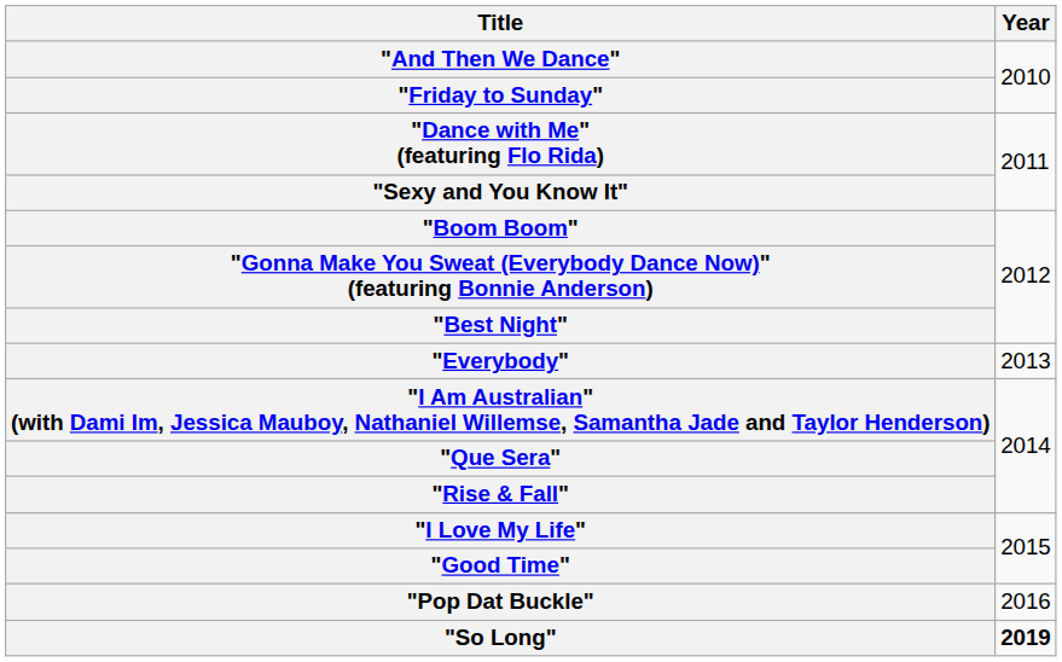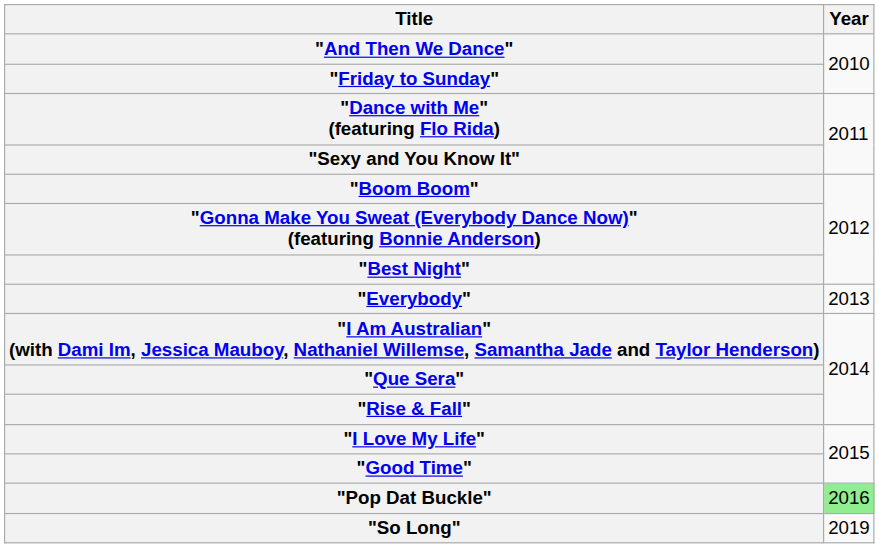 <table class="wikitable">
 <tr>
 <th>Title</th>
 <th>Year</th>
 </tr>
 <tr>
 <th>"<a href='#'>And Then We Dance</a>"</th>
 <td rowspan="2">2010</td>
 </tr>
 <tr>
 <th>"<a href='#'>Friday to Sunday</a>"</th>
 </tr>
 <tr>
 <th>"<a href='#'>Dance with Me</a>"<br>(featuring <a href='#'>Flo Rida</a>)</th>
 <td rowspan="2">2011</td>
 </tr>
 <tr>
 <th>"Sexy and You Know It"</th>
 </tr>
 <tr>
 <th>"<a href='#'>Boom Boom</a>"</th>
 <td rowspan="3">2012</td>
 </tr>
 <tr>
 <th>"<a href='#'>Gonna Make You Sweat (Everybody Dance Now)</a>"<br>(featuring <a href='#'>Bonnie Anderson</a>)</th>
 </tr>
 <tr>
 <th>"<a href='#'>Best Night</a>"</th>
 </tr>
 <tr>
 <th>"<a href='#'>Everybody</a>"</th>
 <td>2013</td>
 </tr>
 <tr>
 <th>"<a href='#'>I Am Australian</a>"<br>(with <a href='#'>Dami Im</a>, <a href='#'>Jessica Mauboy</a>, <a href='#'>Nathaniel Willemse</a>, <a href='#'>Samantha Jade</a> and <a href='#'>Taylor Henderson</a>)</th>
 <td rowspan="3">2014</td>
 </tr>
 <tr>
 <th>"<a href='#'>Que Sera</a>"</th>
 </tr>
 <tr>
 <th>"<a href='#'>Rise & Fall</a>"</th>
 </tr>
 <tr>
 <th>"<a href='#'>I Love My Life</a>"</th>
 <td rowspan="2">2015</td>
 </tr>
 <tr>
 <th>"<a href='#'>Good Time</a>"</th>
 </tr>
 <tr>
 <th>"Pop Dat Buckle"</th>
-<td>2016</td>
+<td style="background: lightgreen;">2016</td>
 </tr>
 <tr>
 <th>"So Long"</th>
-<td><strong>2019</strong></td>
+<td>2019</td>
 </tr>
 </table>
